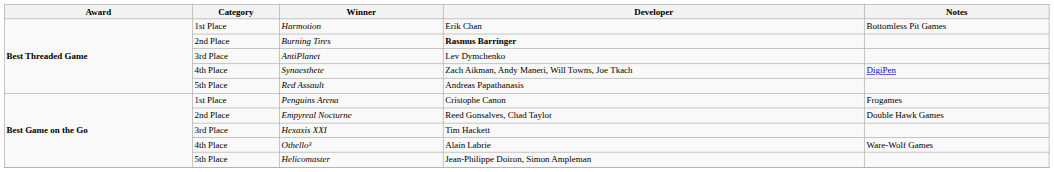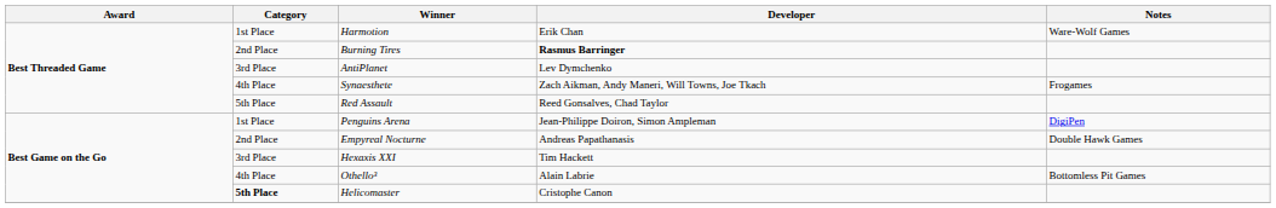 <table class="wikitable" style="font-size:85%;width:100%;">
 <tr>
 <th><strong>Award</strong></th>
 <th><strong>Category</strong></th>
 <th><strong>Winner</strong></th>
 <th><strong>Developer</strong></th>
 <th>Notes</th>
 </tr>
 <tr>
 <td rowspan="5"><strong>Best Threaded Game</strong></td>
 <td>1st Place</td>
 <td><em>Harmotion</em></td>
 <td>Erik Chan</td>
-<td>Bottomless Pit Games</td>
+<td>Ware-Wolf Games</td>
 </tr>
 <tr>
 <td>2nd Place</td>
 <td><em>Burning Tires</em></td>
 <td><strong>Rasmus Barringer</strong></td>
 <td></td>
 </tr>
 <tr>
 <td>3rd Place</td>
 <td><em>AntiPlanet</em></td>
 <td>Lev Dymchenko</td>
 <td></td>
 </tr>
 <tr>
 <td>4th Place</td>
 <td><em>Synaesthete</em></td>
 <td>Zach Aikman, Andy Maneri, Will Towns, Joe Tkach</td>
-<td><a href='#'>DigiPen</a></td>
+<td>Frogames</td>
 </tr>
 <tr>
 <td>5th Place</td>
 <td><em>Red Assault</em></td>
-<td>Andreas Papathanasis</td>
+<td>Reed Gonsalves, Chad Taylor</td>
 <td></td>
 </tr>
 <tr>
 <td rowspan="5"><strong>Best Game on the Go</strong></td>
 <td>1st Place</td>
 <td><em>Penguins Arena</em></td>
-<td>Cristophe Canon</td>
-<td>Frogames</td>
+<td>Jean-Philippe Doiron, Simon Ampleman</td>
+<td><a href='#'>DigiPen</a></td>
 </tr>
 <tr>
 <td>2nd Place</td>
 <td><em>Empyreal Nocturne</em></td>
-<td>Reed Gonsalves, Chad Taylor</td>
+<td>Andreas Papathanasis</td>
 <td>Double Hawk Games</td>
 </tr>
 <tr>
 <td>3rd Place</td>
 <td><em>Hexaxis XXI</em></td>
 <td>Tim Hackett</td>
 <td></td>
 </tr>
 <tr>
 <td>4th Place</td>
 <td><em>Othello³</em></td>
 <td>Alain Labrie</td>
-<td>Ware-Wolf Games</td>
+<td>Bottomless Pit Games</td>
 </tr>
 <tr>
-<td>5th Place</td>
+<td><strong>5th Place</strong></td>
 <td><em>Helicomaster</em></td>
-<td>Jean-Philippe Doiron, Simon Ampleman</td>
+<td>Cristophe Canon</td>
 <td></td>
 </tr>
 <tr>
 </tr>
 </table>
